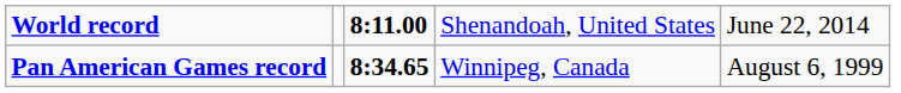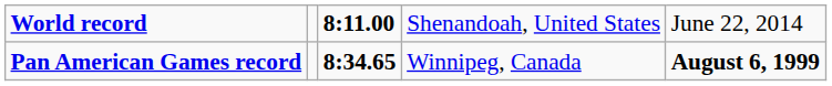 <table class="wikitable">
 <tr>
 <td><strong><a href='#'>World record</a></strong></td>
 <td></td>
 <td><strong>8:11.00</strong></td>
 <td><a href='#'>Shenandoah</a>, <a href='#'>United States</a></td>
 <td>June 22, 2014</td>
 </tr>
 <tr>
 <td><strong><a href='#'>Pan American Games record</a></strong></td>
 <td></td>
 <td><strong>8:34.65</strong></td>
 <td><a href='#'>Winnipeg</a>, <a href='#'>Canada</a></td>
-<td>August 6, 1999</td>
+<td><strong>August 6, 1999</strong></td>
 </tr>
 </table>
